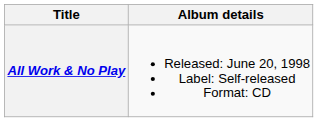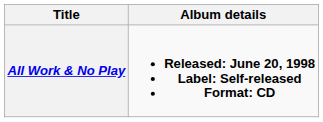 <table class="wikitable plainrowheaders" style="text-align:center;">
 <tr>
 <th scope="col">Title</th>
 <th scope="col">Album details</th>
 </tr>
 <tr>
 <th scope="row"><em><a href='#'>All Work & No Play</a></em></th>
-<td><br><ul><li>Released: June 20, 1998</li><li>Label: Self-released</li><li>Format: CD</li></ul></td>
+<td><strong><br><ul><li>Released: June 20, 1998</li><li>Label: Self-released</li><li>Format: CD</li></ul></strong></td>
 </tr>
 </table>
